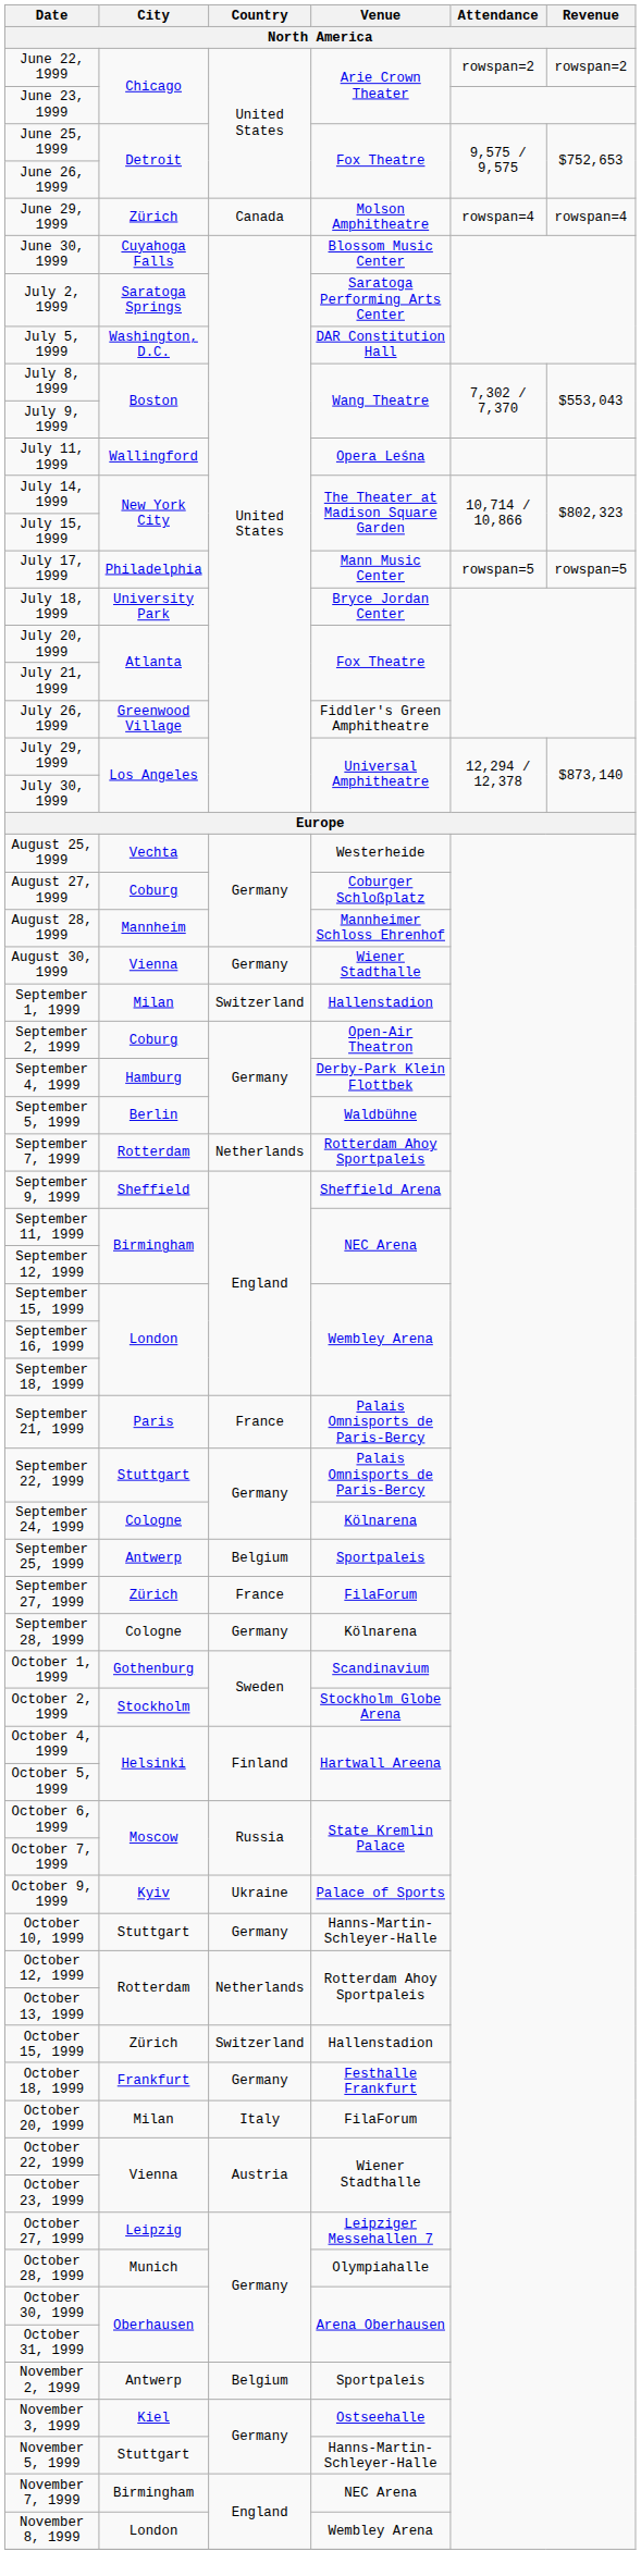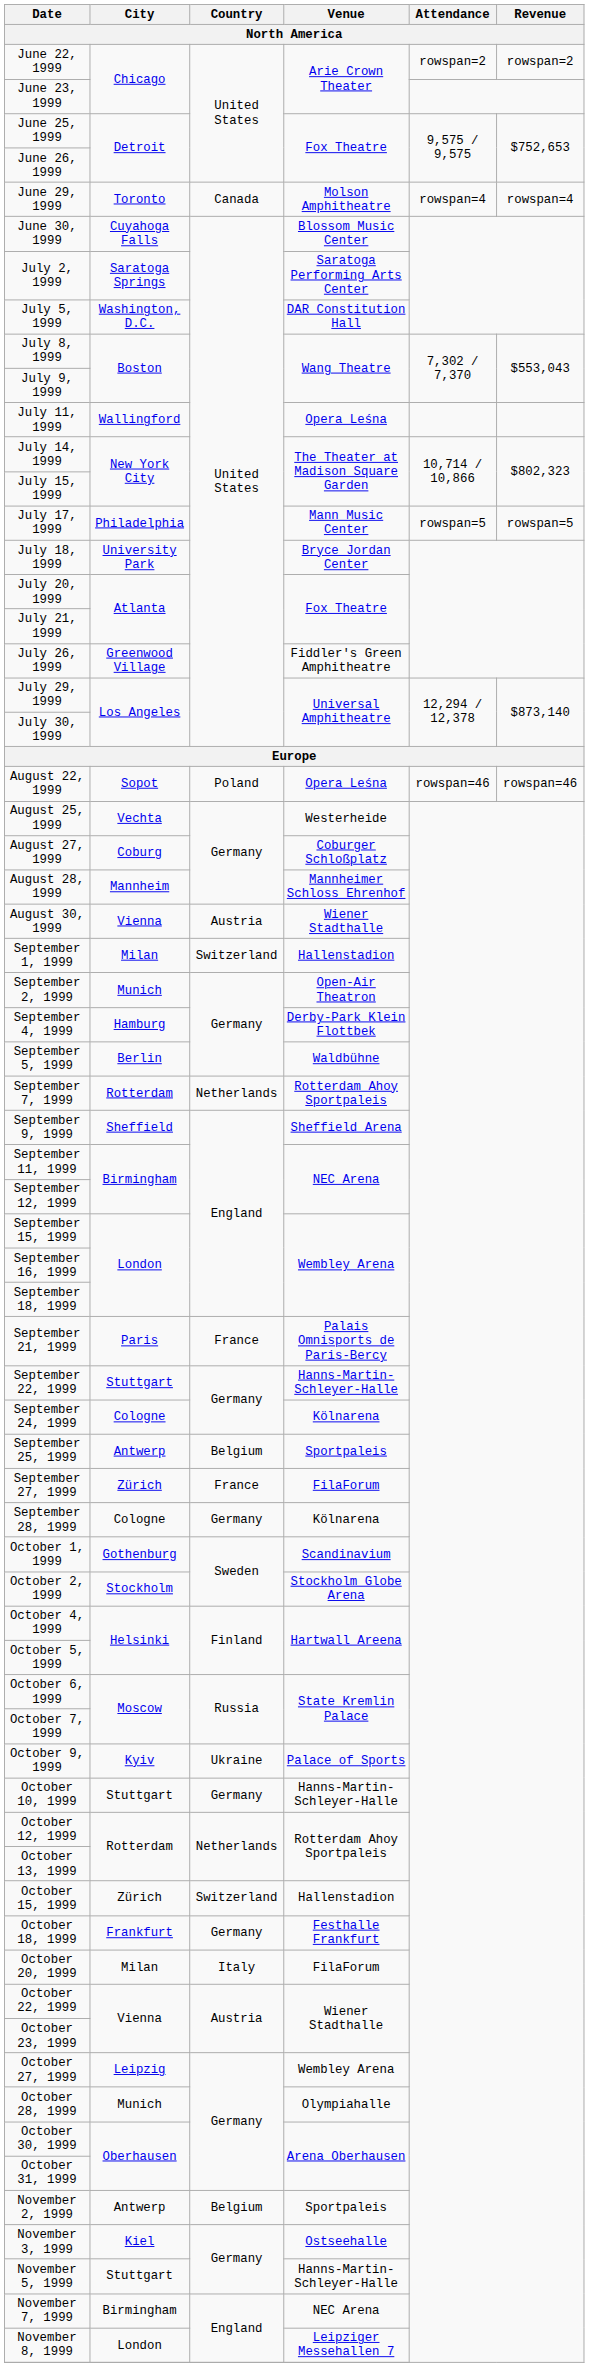 <table class="wikitable" style="text-align:center;">
 <tr>
 <th scope="col" style="width:12em;">Date</th>
 <th scope="col" style="width:10em;">City</th>
 <th scope="col" style="width:10em;">Country</th>
 <th scope="col" style="width:20em;">Venue</th>
 <th scope="col" style="width:10em;">Attendance</th>
 <th scope="col" style="width:10em;">Revenue</th>
 </tr>
 <tr>
 <th colspan="6">North America</th>
 </tr>
 <tr>
 <td>June 22, 1999</td>
 <td rowspan="2"><a href='#'>Chicago</a></td>
 <td rowspan="4">United States</td>
 <td rowspan="2"><a href='#'>Arie Crown Theater</a></td>
 <td>rowspan=2 </td>
 <td>rowspan=2 </td>
 </tr>
 <tr>
 <td>June 23, 1999</td>
 </tr>
 <tr>
 <td>June 25, 1999</td>
 <td rowspan="2"><a href='#'>Detroit</a></td>
 <td rowspan="2"><a href='#'>Fox Theatre</a></td>
 <td rowspan=2>9,575 / 9,575</td>
 <td rowspan=2>$752,653</td>
 </tr>
 <tr>
 <td>June 26, 1999</td>
 </tr>
 <tr>
 <td>June 29, 1999</td>
-<td><a href='#'>Zürich</a></td>
+<td><a href='#'>Toronto</a></td>
 <td>Canada</td>
 <td><a href='#'>Molson Amphitheatre</a></td>
 <td>rowspan=4 </td>
 <td>rowspan=4 </td>
 </tr>
 <tr>
 <td>June 30, 1999</td>
 <td><a href='#'>Cuyahoga Falls</a></td>
 <td rowspan="15">United States</td>
 <td><a href='#'>Blossom Music Center</a></td>
 </tr>
 <tr>
 <td>July 2, 1999</td>
 <td><a href='#'>Saratoga Springs</a></td>
 <td><a href='#'>Saratoga Performing Arts Center</a></td>
 </tr>
 <tr>
 <td>July 5, 1999</td>
 <td><a href='#'>Washington, D.C.</a></td>
 <td><a href='#'>DAR Constitution Hall</a></td>
 </tr>
 <tr>
 <td>July 8, 1999</td>
 <td rowspan="2"><a href='#'>Boston</a></td>
 <td rowspan="2"><a href='#'>Wang Theatre</a></td>
 <td rowspan=2>7,302 / 7,370</td>
 <td rowspan=2>$553,043</td>
 </tr>
 <tr>
 <td>July 9, 1999</td>
 </tr>
 <tr>
 <td>July 11, 1999</td>
 <td><a href='#'>Wallingford</a></td>
 <td><a href='#'>Opera Leśna</a></td>
 <td></td>
 <td></td>
 </tr>
 <tr>
 <td>July 14, 1999</td>
 <td rowspan="2"><a href='#'>New York City</a></td>
 <td rowspan="2"><a href='#'>The Theater at Madison Square Garden</a></td>
 <td rowspan=2>10,714 / 10,866</td>
 <td rowspan=2>$802,323</td>
 </tr>
 <tr>
 <td>July 15, 1999</td>
 </tr>
 <tr>
 <td>July 17, 1999</td>
 <td><a href='#'>Philadelphia</a></td>
 <td><a href='#'>Mann Music Center</a></td>
 <td>rowspan=5 </td>
 <td>rowspan=5 </td>
 </tr>
 <tr>
 <td>July 18, 1999</td>
 <td><a href='#'>University Park</a></td>
 <td><a href='#'>Bryce Jordan Center</a></td>
 </tr>
 <tr>
 <td>July 20, 1999</td>
 <td rowspan="2"><a href='#'>Atlanta</a></td>
 <td rowspan="2"><a href='#'>Fox Theatre</a></td>
 </tr>
 <tr>
 <td>July 21, 1999</td>
 </tr>
 <tr>
 <td>July 26, 1999</td>
 <td><a href='#'>Greenwood Village</a></td>
 <td>Fiddler's Green Amphitheatre</td>
 </tr>
 <tr>
 <td>July 29, 1999</td>
 <td rowspan="2"><a href='#'>Los Angeles</a></td>
 <td rowspan="2"><a href='#'>Universal Amphitheatre</a></td>
 <td rowspan=2>12,294 / 12,378</td>
 <td rowspan=2>$873,140</td>
 </tr>
 <tr>
 <td>July 30, 1999</td>
 </tr>
 <tr>
 <th colspan="6">Europe</th>
 </tr>
 <tr>
+<td>August 22, 1999</td>
+<td><a href='#'>Sopot</a></td>
+<td>Poland</td>
+<td><a href='#'>Opera Leśna</a></td>
+<td>rowspan=46 </td>
+<td>rowspan=46 </td>
+</tr>
+<tr>
 <td>August 25, 1999</td>
 <td><a href='#'>Vechta</a></td>
 <td rowspan="3">Germany</td>
 <td>Westerheide</td>
 </tr>
 <tr>
 <td>August 27, 1999</td>
 <td><a href='#'>Coburg</a></td>
 <td><a href='#'>Coburger Schloßplatz</a></td>
 </tr>
 <tr>
 <td>August 28, 1999</td>
 <td><a href='#'>Mannheim</a></td>
 <td><a href='#'>Mannheimer Schloss Ehrenhof</a></td>
 </tr>
 <tr>
 <td>August 30, 1999</td>
 <td><a href='#'>Vienna</a></td>
-<td>Germany</td>
+<td>Austria</td>
 <td><a href='#'>Wiener Stadthalle</a></td>
 </tr>
 <tr>
 <td>September 1, 1999</td>
 <td><a href='#'>Milan</a></td>
 <td>Switzerland</td>
 <td><a href='#'>Hallenstadion</a></td>
 </tr>
 <tr>
 <td>September 2, 1999</td>
-<td><a href='#'>Coburg</a></td>
+<td><a href='#'>Munich</a></td>
 <td rowspan="3">Germany</td>
 <td><a href='#'>Open-Air Theatron</a></td>
 </tr>
 <tr>
 <td>September 4, 1999</td>
 <td><a href='#'>Hamburg</a></td>
 <td><a href='#'>Derby-Park Klein Flottbek</a></td>
 </tr>
 <tr>
 <td>September 5, 1999</td>
 <td><a href='#'>Berlin</a></td>
 <td><a href='#'>Waldbühne</a></td>
 </tr>
 <tr>
 <td>September 7, 1999</td>
 <td><a href='#'>Rotterdam</a></td>
 <td>Netherlands</td>
 <td><a href='#'>Rotterdam Ahoy Sportpaleis</a></td>
 </tr>
 <tr>
 <td>September 9, 1999</td>
 <td><a href='#'>Sheffield</a></td>
 <td rowspan="6">England</td>
 <td><a href='#'>Sheffield Arena</a></td>
 </tr>
 <tr>
 <td>September 11, 1999</td>
 <td rowspan="2"><a href='#'>Birmingham</a></td>
 <td rowspan="2"><a href='#'>NEC Arena</a></td>
 </tr>
 <tr>
 <td>September 12, 1999</td>
 </tr>
 <tr>
 <td>September 15, 1999</td>
 <td rowspan="3"><a href='#'>London</a></td>
 <td rowspan="3"><a href='#'>Wembley Arena</a></td>
 </tr>
 <tr>
 <td>September 16, 1999</td>
 </tr>
 <tr>
 <td>September 18, 1999</td>
 </tr>
 <tr>
 <td>September 21, 1999</td>
 <td><a href='#'>Paris</a></td>
 <td>France</td>
 <td><a href='#'>Palais Omnisports de Paris-Bercy</a></td>
 </tr>
 <tr>
 <td>September 22, 1999</td>
 <td><a href='#'>Stuttgart</a></td>
 <td rowspan="2">Germany</td>
-<td><a href='#'>Palais Omnisports de Paris-Bercy</a></td>
+<td><a href='#'>Hanns-Martin-Schleyer-Halle</a></td>
 </tr>
 <tr>
 <td>September 24, 1999</td>
 <td><a href='#'>Cologne</a></td>
 <td><a href='#'>Kölnarena</a></td>
 </tr>
 <tr>
 <td>September 25, 1999</td>
 <td><a href='#'>Antwerp</a></td>
 <td>Belgium</td>
 <td><a href='#'>Sportpaleis</a></td>
 </tr>
 <tr>
 <td>September 27, 1999</td>
 <td><a href='#'>Zürich</a></td>
 <td>France</td>
 <td><a href='#'>FilaForum</a></td>
 </tr>
 <tr>
 <td>September 28, 1999</td>
 <td>Cologne</td>
 <td>Germany</td>
 <td>Kölnarena</td>
 </tr>
 <tr>
 <td>October 1, 1999</td>
 <td><a href='#'>Gothenburg</a></td>
 <td rowspan="2">Sweden</td>
 <td><a href='#'>Scandinavium</a></td>
 </tr>
 <tr>
 <td>October 2, 1999</td>
 <td><a href='#'>Stockholm</a></td>
 <td><a href='#'>Stockholm Globe Arena</a></td>
 </tr>
 <tr>
 <td>October 4, 1999</td>
 <td rowspan="2"><a href='#'>Helsinki</a></td>
 <td rowspan="2">Finland</td>
 <td rowspan="2"><a href='#'>Hartwall Areena</a></td>
 </tr>
 <tr>
 <td>October 5, 1999</td>
 </tr>
 <tr>
 <td>October 6, 1999</td>
 <td rowspan="2"><a href='#'>Moscow</a></td>
 <td rowspan="2">Russia</td>
 <td rowspan="2"><a href='#'>State Kremlin Palace</a></td>
 </tr>
 <tr>
 <td>October 7, 1999</td>
 </tr>
 <tr>
 <td>October 9, 1999</td>
 <td><a href='#'>Kyiv</a></td>
 <td>Ukraine</td>
 <td><a href='#'>Palace of Sports</a></td>
 </tr>
 <tr>
 <td>October 10, 1999</td>
 <td>Stuttgart</td>
 <td>Germany</td>
 <td>Hanns-Martin-Schleyer-Halle</td>
 </tr>
 <tr>
 <td>October 12, 1999</td>
 <td rowspan="2">Rotterdam</td>
 <td rowspan="2">Netherlands</td>
 <td rowspan="2">Rotterdam Ahoy Sportpaleis</td>
 </tr>
 <tr>
 <td>October 13, 1999</td>
 </tr>
 <tr>
 <td>October 15, 1999</td>
 <td>Zürich</td>
 <td>Switzerland</td>
 <td>Hallenstadion</td>
 </tr>
 <tr>
 <td>October 18, 1999</td>
 <td><a href='#'>Frankfurt</a></td>
 <td>Germany</td>
 <td><a href='#'>Festhalle Frankfurt</a></td>
 </tr>
 <tr>
 <td>October 20, 1999</td>
 <td>Milan</td>
 <td>Italy</td>
 <td>FilaForum</td>
 </tr>
 <tr>
 <td>October 22, 1999</td>
 <td rowspan="2">Vienna</td>
 <td rowspan="2">Austria</td>
 <td rowspan="2">Wiener Stadthalle</td>
 </tr>
 <tr>
 <td>October 23, 1999</td>
 </tr>
 <tr>
 <td>October 27, 1999</td>
 <td><a href='#'>Leipzig</a></td>
 <td rowspan="4">Germany</td>
-<td><a href='#'>Leipziger Messehallen 7</a></td>
+<td>Wembley Arena</td>
 </tr>
 <tr>
 <td>October 28, 1999</td>
 <td>Munich</td>
 <td>Olympiahalle</td>
 </tr>
 <tr>
 <td>October 30, 1999</td>
 <td rowspan="2"><a href='#'>Oberhausen</a></td>
 <td rowspan="2"><a href='#'>Arena Oberhausen</a></td>
 </tr>
 <tr>
 <td>October 31, 1999</td>
 </tr>
 <tr>
 <td>November 2, 1999</td>
 <td>Antwerp</td>
 <td>Belgium</td>
 <td>Sportpaleis</td>
 </tr>
 <tr>
 <td>November 3, 1999</td>
 <td><a href='#'>Kiel</a></td>
 <td rowspan="2">Germany</td>
 <td><a href='#'>Ostseehalle</a></td>
 </tr>
 <tr>
 <td>November 5, 1999</td>
 <td>Stuttgart</td>
 <td>Hanns-Martin-Schleyer-Halle</td>
 </tr>
 <tr>
 <td>November 7, 1999</td>
 <td>Birmingham</td>
 <td rowspan="2">England</td>
 <td>NEC Arena</td>
 </tr>
 <tr>
 <td>November 8, 1999</td>
 <td>London</td>
-<td>Wembley Arena</td>
+<td><a href='#'>Leipziger Messehallen 7</a></td>
 </tr>
 <tr>
 </tr>
 </table>
